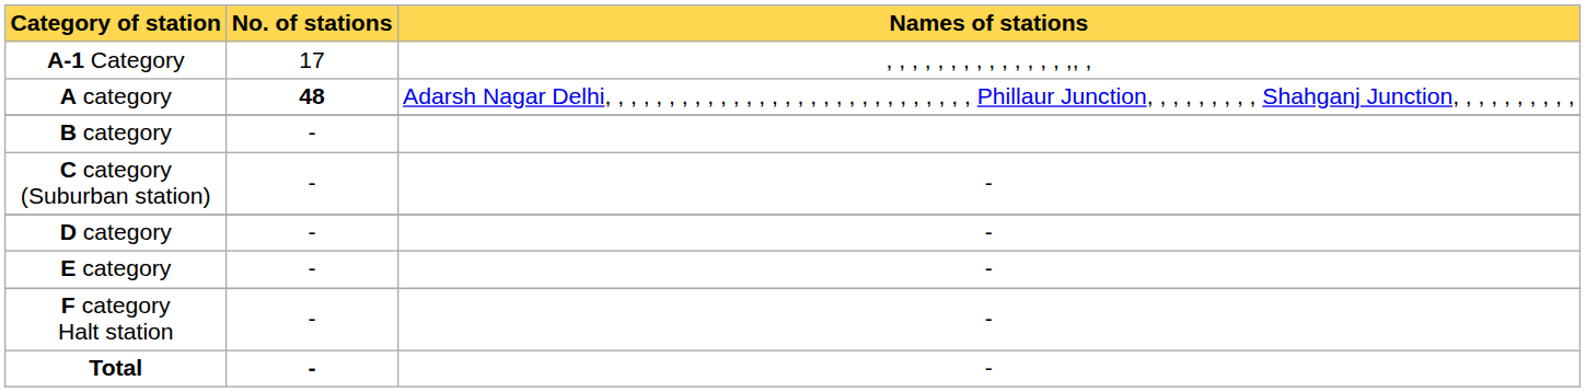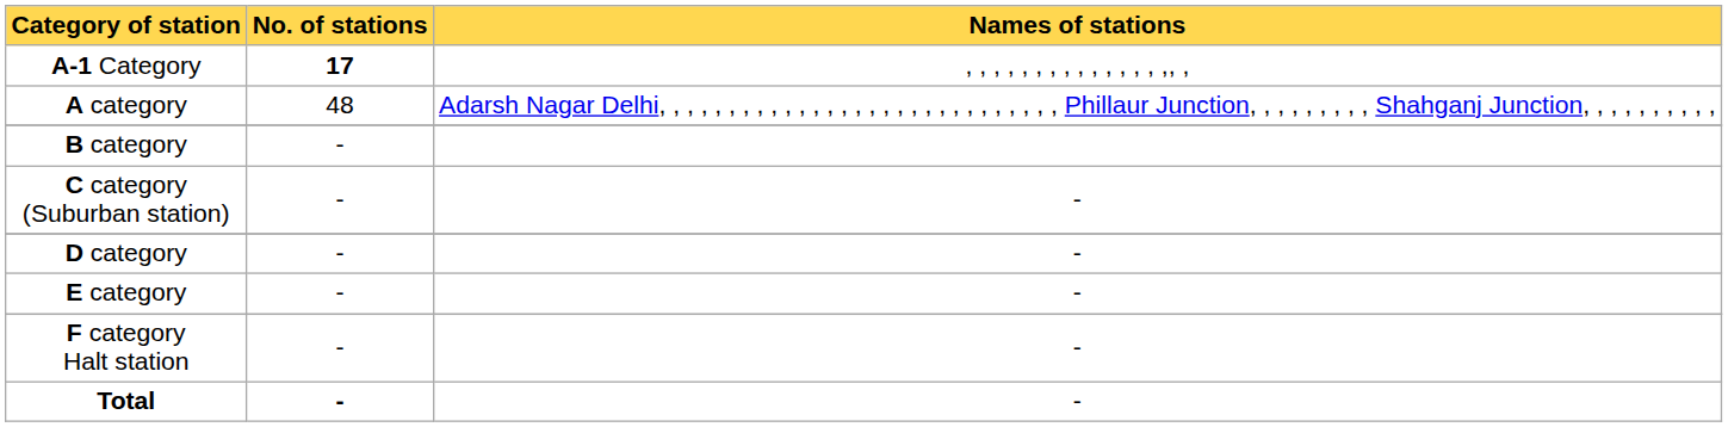 <table class="wikitable sortable" style="background:#fff;">
 <tr>
 <th style="background:#ffd750;">Category of station</th>
 <th style="background:#ffd750;">No. of stations</th>
 <th style="background:#ffd750;">Names of stations</th>
 </tr>
 <tr>
 <td style="text-align:center;"><strong>A-1</strong> Category</td>
-<td style="text-align:center;">17</td>
+<td style="text-align:center;"><strong>17</strong></td>
 <td style="text-align:center;">, , , , , , , , , , , , , , ,, , </td>
 </tr>
 <tr>
 <td style="text-align:center;"><strong>A</strong> category</td>
-<td style="text-align:center;"><strong>48</strong></td>
+<td style="text-align:center;">48</td>
 <td style="text-align:center;"><a href='#'>Adarsh Nagar Delhi</a>, , , , , , , , , , , , , , , , , , , , , , , , , , , , , <a href='#'>Phillaur Junction</a>, , , , , , , , , <a href='#'>Shahganj Junction</a>, , , , , , , , , , </td>
 </tr>
 <tr>
 </tr>
 <tr>
 </tr>
 <tr>
 <td style="text-align:center;"><strong>B</strong> category</td>
 <td style="text-align:center;">-</td>
 <td style="text-align:center;"></td>
 </tr>
 <tr>
 <td style="text-align:center;"><strong>C</strong> category<br>(Suburban station)</td>
 <td style="text-align:center;">-</td>
 <td style="text-align:center;">-</td>
 </tr>
 <tr>
 </tr>
 <tr>
 <td style="text-align:center;"><strong>D</strong> category</td>
 <td style="text-align:center;">-</td>
 <td style="text-align:center;">-</td>
 </tr>
 <tr>
 <td style="text-align:center;"><strong>E</strong> category</td>
 <td style="text-align:center;">-</td>
 <td style="text-align:center;">-</td>
 </tr>
 <tr>
 </tr>
 <tr>
 <td style="text-align:center;"><strong>F</strong> category<br>Halt station</td>
 <td style="text-align:center;">-</td>
 <td style="text-align:center;">-</td>
 </tr>
 <tr>
 <td style="text-align:center;"><strong>Total</strong></td>
 <td style="text-align:center;"><strong>-</strong></td>
 <td style="text-align:center;">-</td>
 </tr>
 </table>
